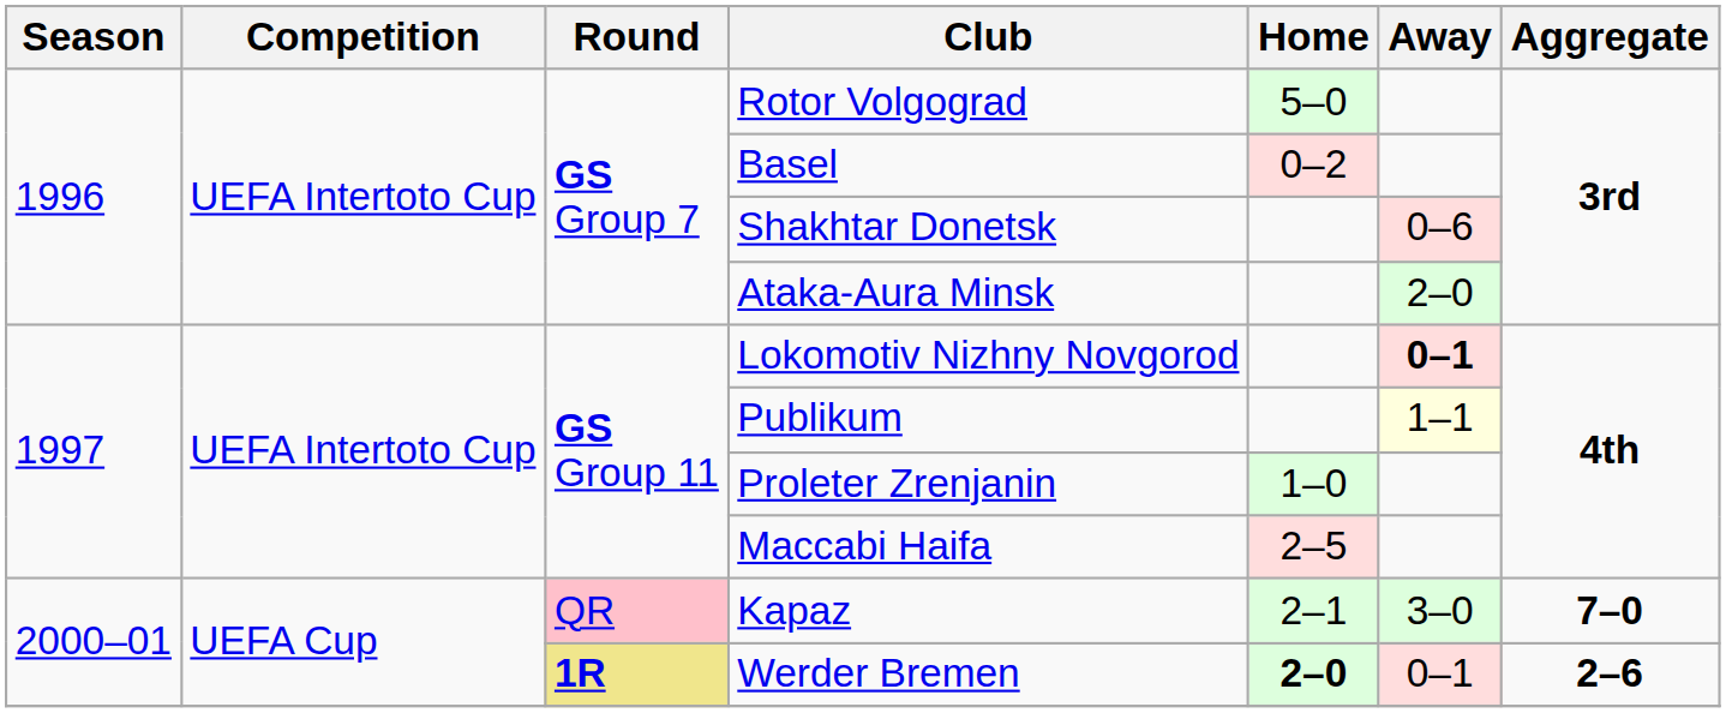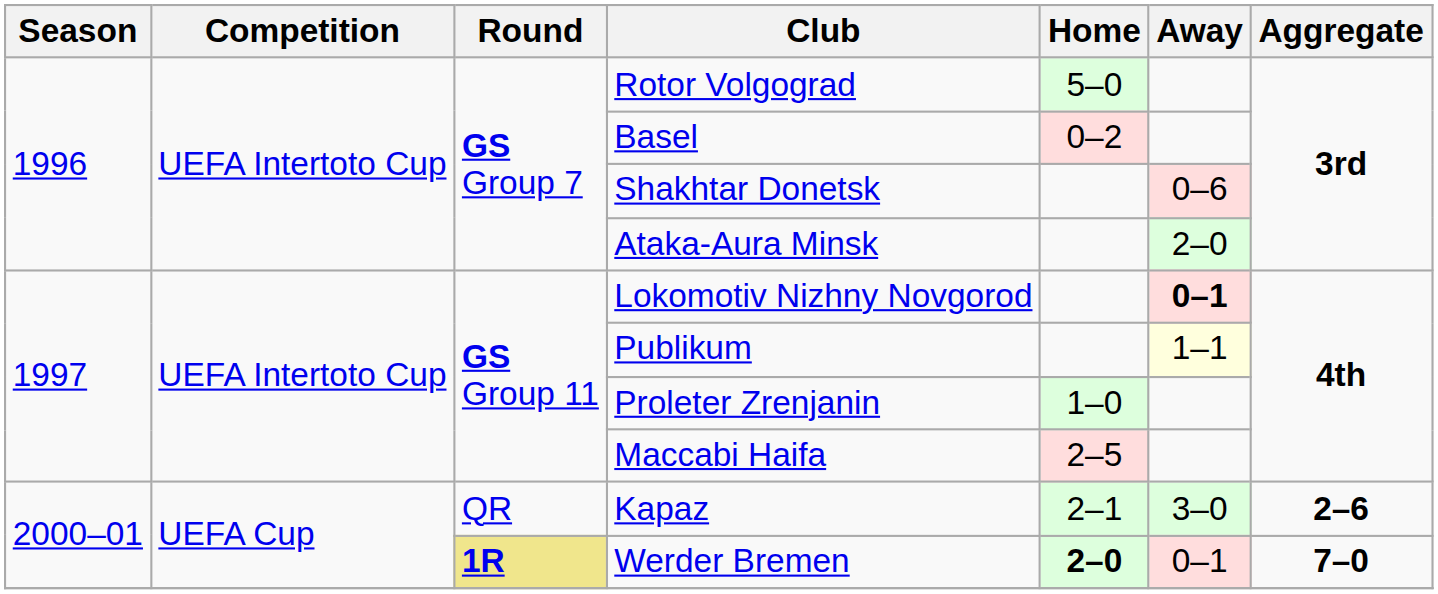 <table class="wikitable">
 <tr>
 <th>Season</th>
 <th>Competition</th>
 <th>Round</th>
 <th>Club</th>
 <th>Home</th>
 <th>Away</th>
 <th>Aggregate</th>
 </tr>
 <tr>
 <td rowspan="4"><a href='#'>1996</a></td>
 <td rowspan="4"><a href='#'>UEFA Intertoto Cup</a></td>
 <td rowspan="4"><a href='#'><strong>GS</strong><br>Group 7</a></td>
 <td> <a href='#'>Rotor Volgograd</a></td>
 <td style="text-align:center; background:#dfd;">5–0</td>
 <td></td>
 <td rowspan="4" style="text-align:center;"><strong>3rd</strong></td>
 </tr>
 <tr>
 <td> <a href='#'>Basel</a></td>
 <td style="text-align:center; background:#fdd;">0–2</td>
 <td></td>
 </tr>
 <tr>
 <td> <a href='#'>Shakhtar Donetsk</a></td>
 <td></td>
 <td style="text-align:center; background:#fdd;">0–6</td>
 </tr>
 <tr>
 <td> <a href='#'>Ataka-Aura Minsk</a></td>
 <td></td>
 <td style="text-align:center; background:#dfd;">2–0</td>
 </tr>
 <tr>
 <td rowspan="4"><a href='#'>1997</a></td>
 <td rowspan="4"><a href='#'>UEFA Intertoto Cup</a></td>
 <td rowspan="4"><a href='#'><strong>GS</strong><br>Group 11</a></td>
 <td> <a href='#'>Lokomotiv Nizhny Novgorod</a></td>
 <td></td>
 <td style="text-align:center; background:#fdd;"><strong>0–1</strong></td>
 <td rowspan="4" style="text-align:center;"><strong>4th</strong></td>
 </tr>
 <tr>
 <td> <a href='#'>Publikum</a></td>
 <td></td>
 <td style="text-align:center; background:#ffd;">1–1</td>
 </tr>
 <tr>
 <td> <a href='#'>Proleter Zrenjanin</a></td>
 <td style="text-align:center; background:#dfd;">1–0</td>
 <td></td>
 </tr>
 <tr>
 <td> <a href='#'>Maccabi Haifa</a></td>
 <td style="text-align:center; background:#fdd;">2–5</td>
 <td></td>
 </tr>
 <tr>
 <td rowspan="2"><a href='#'>2000–01</a></td>
 <td rowspan="2"><a href='#'>UEFA Cup</a></td>
-<td rowspan="1" style="background: pink;"><a href='#'>QR</a></td>
+<td rowspan="1"><a href='#'>QR</a></td>
 <td> <a href='#'>Kapaz</a></td>
 <td style="text-align:center; background:#dfd;">2–1</td>
 <td style="text-align:center; background:#dfd;">3–0</td>
-<td style="text-align:center;"><strong>7–0</strong></td>
+<td style="text-align:center;"><strong>2–6</strong></td>
 </tr>
 <tr>
 <td rowspan="1" style="background: khaki;"><a href='#'><strong>1R</strong></a></td>
 <td> <a href='#'>Werder Bremen</a></td>
 <td style="text-align:center; background:#dfd;"><strong>2–0</strong></td>
 <td style="text-align:center; background:#fdd;">0–1</td>
-<td style="text-align:center;"><strong>2–6</strong></td>
+<td style="text-align:center;"><strong>7–0</strong></td>
 </tr>
 <tr>
 </tr>
 </table>
